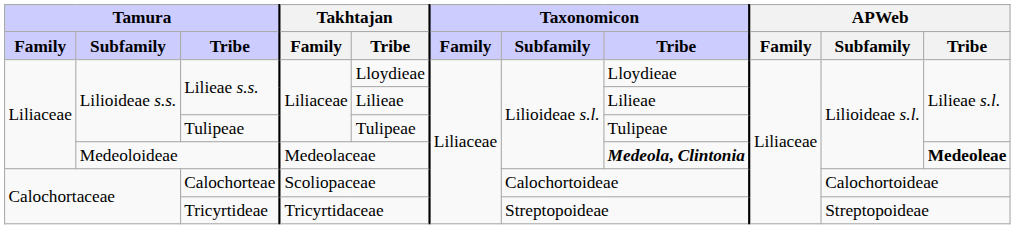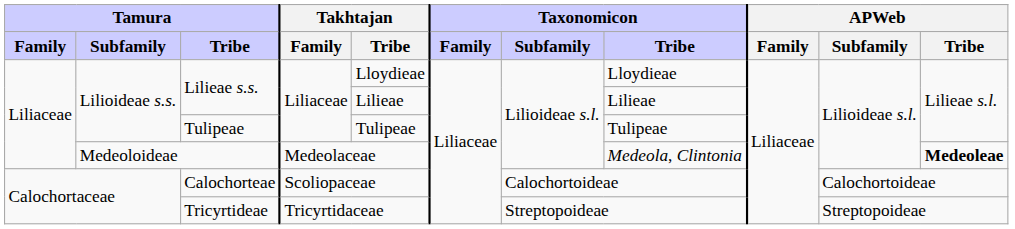 <table class="wikitable" border="1">
 <tr>
 <th colspan=3 style="border-right:solid black 2px; background: #ccf">Tamura</th>
 <th colspan=2 style="border-right:solid black 2px">Takhtajan</th>
 <th colspan=3 style="border-right:solid black 2px; background: #ccf">Taxonomicon</th>
 <th colspan=3>APWeb</th>
 </tr>
 <tr>
 <th style="background: #ccf;">Family</th>
 <th style="background: #ccf;">Subfamily</th>
 <th ! style="border-right:solid black 2px; background: #ccf">Tribe</th>
 <th>Family</th>
 <th style="border-right:solid black 2px">Tribe</th>
 <th style="background: #ccf;">Family</th>
 <th style="background: #ccf;">Subfamily</th>
 <th style="border-right:solid black 2px; background: #ccf">Tribe</th>
 <th>Family</th>
 <th>Subfamily</th>
 <th>Tribe</th>
 </tr>
 <tr>
 <td rowspan=4>Liliaceae</td>
 <td rowspan=3>Lilioideae <em>s.s.</em></td>
 <td rowspan=2 style="border-right:solid black 2px">Lilieae <em>s.s.</em></td>
 <td rowspan=3>Liliaceae</td>
 <td style="border-right:solid black 2px">Lloydieae</td>
 <td rowspan=6>Liliaceae</td>
 <td rowspan=4>Lilioideae <em>s.l.</em></td>
 <td style="border-right:solid black 2px">Lloydieae</td>
 <td rowspan=6>Liliaceae</td>
 <td rowspan=4>Lilioideae <em>s.l.</em></td>
 <td rowspan=3>Lilieae <em>s.l.</em></td>
 </tr>
 <tr>
 <td style="border-right:solid black 2px">Lilieae</td>
 <td style="border-right:solid black 2px">Lilieae</td>
 </tr>
 <tr>
 <td style="border-right:solid black 2px">Tulipeae</td>
 <td style="border-right:solid black 2px">Tulipeae</td>
 <td style="border-right:solid black 2px">Tulipeae</td>
 </tr>
 <tr>
 <td colspan=2 style="border-right:solid black 2px">Medeoloideae</td>
 <td colspan=2 style="border-right:solid black 2px">Medeolaceae</td>
-<td style="border-right:solid black 2px"><strong><em>Medeola</em>, <em>Clintonia</em></strong></td>
+<td style="border-right:solid black 2px"><em>Medeola</em>, <em>Clintonia</em></td>
 <td><strong>Medeoleae</strong></td>
 </tr>
 <tr>
 <td rowspan=2 colspan=2>Calochortaceae</td>
 <td style="border-right:solid black 2px">Calochorteae</td>
 <td colspan=2 style="border-right:solid black 2px">Scoliopaceae</td>
 <td colspan=2 style="border-right:solid black 2px">Calochortoideae</td>
 <td colspan=2>Calochortoideae</td>
 </tr>
 <tr>
 <td style="border-right:solid black 2px">Tricyrtideae</td>
 <td colspan=2 style="border-right:solid black 2px">Tricyrtidaceae</td>
 <td colspan=2 style="border-right:solid black 2px">Streptopoideae</td>
 <td colspan=2>Streptopoideae</td>
 </tr>
 </table>
